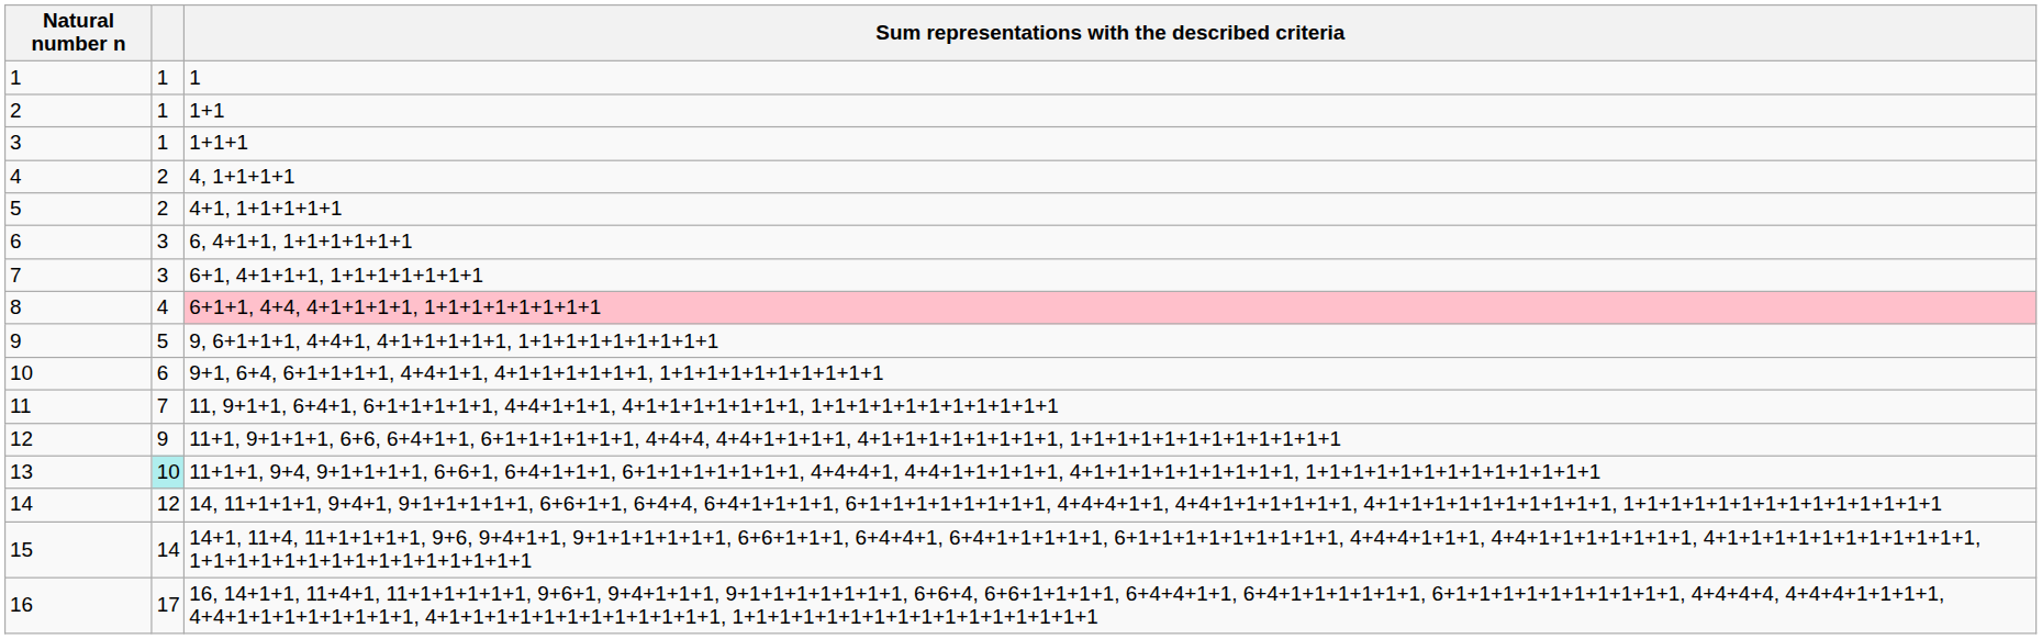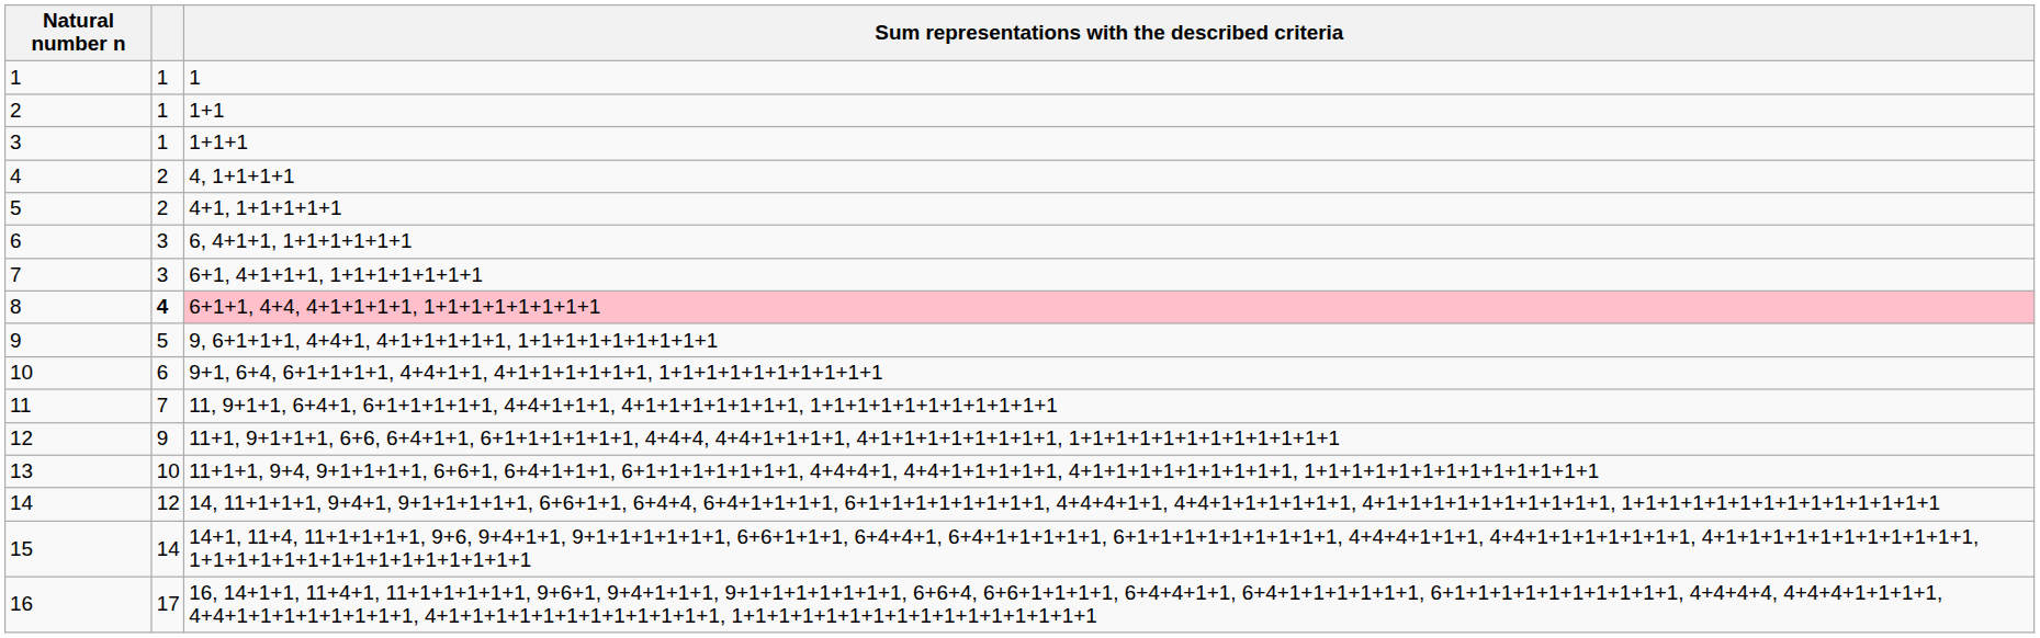 <table class="wikitable">
 <tr>
 <th>Natural number n</th>
 <th></th>
 <th>Sum representations with the described criteria</th>
 </tr>
 <tr>
 <td>1</td>
 <td>1</td>
 <td>1</td>
 </tr>
 <tr>
 <td>2</td>
 <td>1</td>
 <td>1+1</td>
 </tr>
 <tr>
 <td>3</td>
 <td>1</td>
 <td>1+1+1</td>
 </tr>
 <tr>
 <td>4</td>
 <td>2</td>
 <td>4, 1+1+1+1</td>
 </tr>
 <tr>
 <td>5</td>
 <td>2</td>
 <td>4+1, 1+1+1+1+1</td>
 </tr>
 <tr>
 <td>6</td>
 <td>3</td>
 <td>6, 4+1+1, 1+1+1+1+1+1</td>
 </tr>
 <tr>
 <td>7</td>
 <td>3</td>
 <td>6+1, 4+1+1+1, 1+1+1+1+1+1+1</td>
 </tr>
 <tr>
 <td>8</td>
-<td>4</td>
+<td><strong>4</strong></td>
 <td style="background: pink;">6+1+1, 4+4, 4+1+1+1+1, 1+1+1+1+1+1+1+1</td>
 </tr>
 <tr>
 <td>9</td>
 <td>5</td>
 <td>9, 6+1+1+1, 4+4+1, 4+1+1+1+1+1, 1+1+1+1+1+1+1+1+1</td>
 </tr>
 <tr>
 <td>10</td>
 <td>6</td>
 <td>9+1, 6+4, 6+1+1+1+1, 4+4+1+1, 4+1+1+1+1+1+1, 1+1+1+1+1+1+1+1+1+1</td>
 </tr>
 <tr>
 <td>11</td>
 <td>7</td>
 <td>11, 9+1+1, 6+4+1, 6+1+1+1+1+1, 4+4+1+1+1, 4+1+1+1+1+1+1+1, 1+1+1+1+1+1+1+1+1+1+1</td>
 </tr>
 <tr>
 <td>12</td>
 <td>9</td>
 <td>11+1, 9+1+1+1, 6+6, 6+4+1+1, 6+1+1+1+1+1+1, 4+4+4, 4+4+1+1+1+1, 4+1+1+1+1+1+1+1+1, 1+1+1+1+1+1+1+1+1+1+1+1</td>
 </tr>
 <tr>
 <td>13</td>
-<td style="background: paleturquoise;">10</td>
+<td>10</td>
 <td>11+1+1, 9+4, 9+1+1+1+1, 6+6+1, 6+4+1+1+1, 6+1+1+1+1+1+1+1, 4+4+4+1, 4+4+1+1+1+1+1, 4+1+1+1+1+1+1+1+1+1, 1+1+1+1+1+1+1+1+1+1+1+1+1</td>
 </tr>
 <tr>
 <td>14</td>
 <td>12</td>
 <td>14, 11+1+1+1, 9+4+1, 9+1+1+1+1+1, 6+6+1+1, 6+4+4, 6+4+1+1+1+1, 6+1+1+1+1+1+1+1+1, 4+4+4+1+1, 4+4+1+1+1+1+1+1, 4+1+1+1+1+1+1+1+1+1+1, 1+1+1+1+1+1+1+1+1+1+1+1+1+1</td>
 </tr>
 <tr>
 <td>15</td>
 <td>14</td>
 <td>14+1, 11+4, 11+1+1+1+1, 9+6, 9+4+1+1, 9+1+1+1+1+1+1, 6+6+1+1+1, 6+4+4+1, 6+4+1+1+1+1+1, 6+1+1+1+1+1+1+1+1+1, 4+4+4+1+1+1, 4+4+1+1+1+1+1+1+1, 4+1+1+1+1+1+1+1+1+1+1+1, 1+1+1+1+1+1+1+1+1+1+1+1+1+1+1</td>
 </tr>
 <tr>
 <td>16</td>
 <td>17</td>
 <td>16, 14+1+1, 11+4+1, 11+1+1+1+1+1, 9+6+1, 9+4+1+1+1, 9+1+1+1+1+1+1+1, 6+6+4, 6+6+1+1+1+1, 6+4+4+1+1, 6+4+1+1+1+1+1+1, 6+1+1+1+1+1+1+1+1+1+1, 4+4+4+4, 4+4+4+1+1+1+1, 4+4+1+1+1+1+1+1+1+1, 4+1+1+1+1+1+1+1+1+1+1+1+1, 1+1+1+1+1+1+1+1+1+1+1+1+1+1+1+1</td>
 </tr>
 </table>
